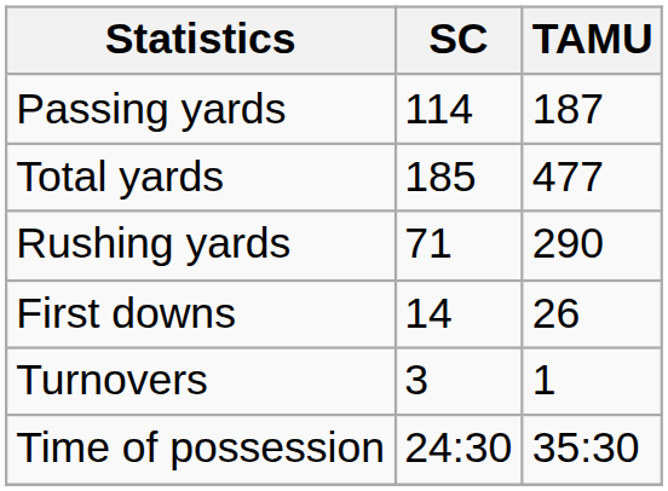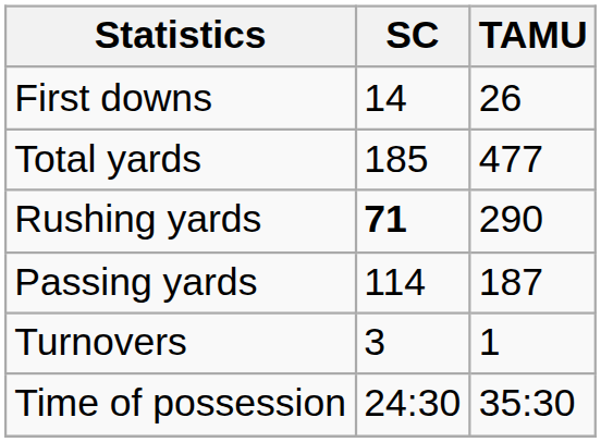 <table class="wikitable" style="float: left;">
 <tr>
 <th>Statistics</th>
 <th>SC</th>
 <th>TAMU</th>
 </tr>
 <tr>
-<td>Passing yards</td>
-<td>114</td>
-<td>187</td>
+<td>First downs</td>
+<td>14</td>
+<td>26</td>
 </tr>
 <tr>
 <td>Total yards</td>
 <td>185</td>
 <td>477</td>
 </tr>
 <tr>
 <td>Rushing yards</td>
-<td>71</td>
+<td><strong>71</strong></td>
 <td>290</td>
 </tr>
 <tr>
-<td>First downs</td>
-<td>14</td>
-<td>26</td>
+<td>Passing yards</td>
+<td>114</td>
+<td>187</td>
 </tr>
 <tr>
 <td>Turnovers</td>
 <td>3</td>
 <td>1</td>
 </tr>
 <tr>
 <td>Time of possession</td>
 <td>24:30</td>
 <td>35:30</td>
 </tr>
 <tr>
 </tr>
 </table>
